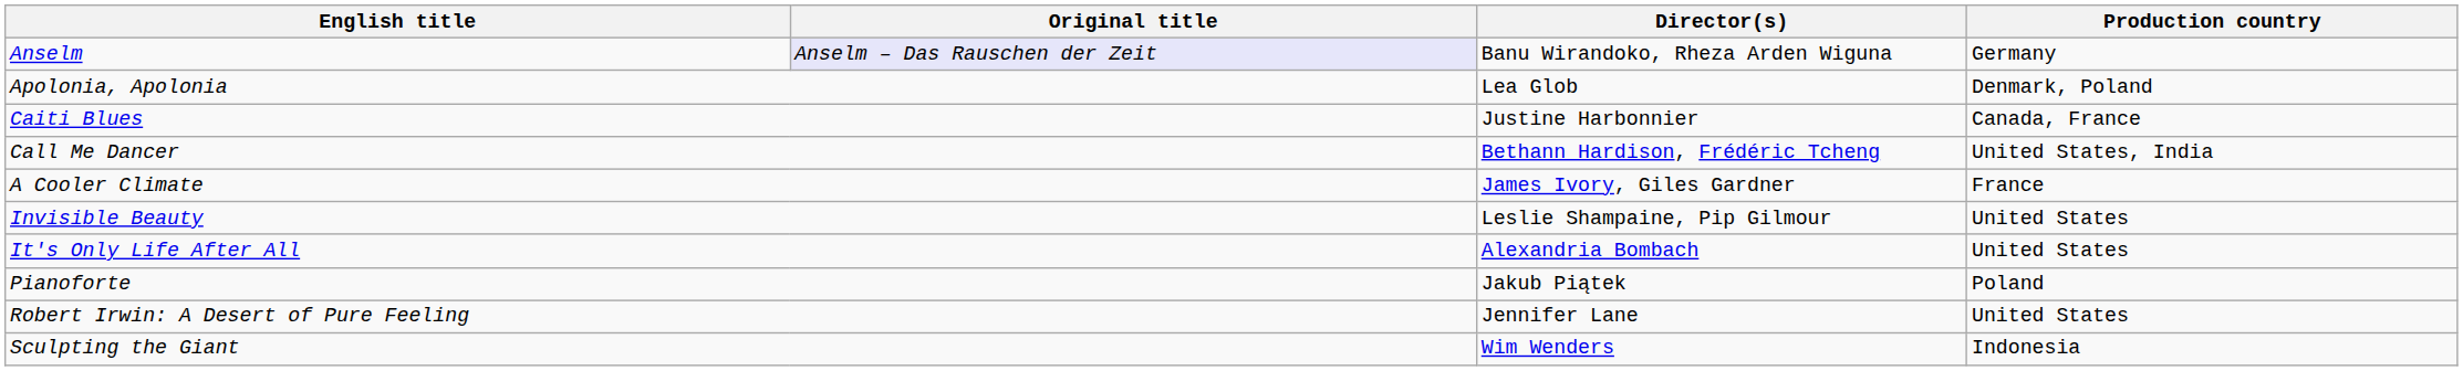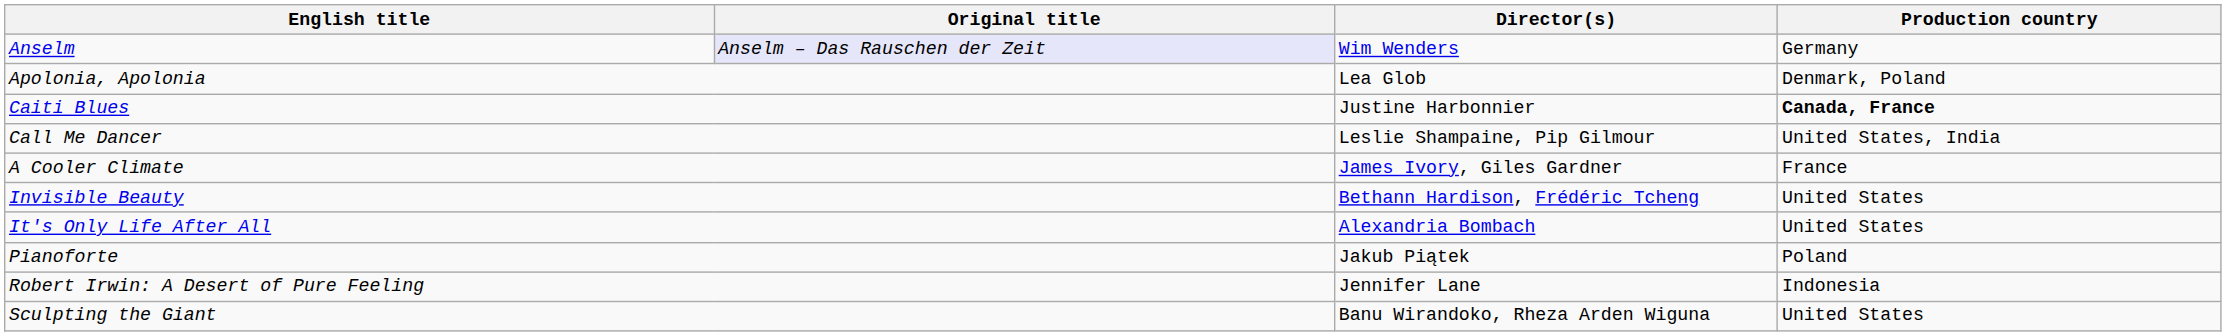 <table class="sortable wikitable" width="100%" cellpadding="5">
 <tr>
 <th scope="col" width="32%">English title</th>
 <th scope="col" width="28%">Original title</th>
 <th scope="col" width="20%">Director(s)</th>
 <th scope="col" width="20%">Production country</th>
 </tr>
 <tr>
 <td><em><a href='#'>Anselm</a></em></td>
 <td style="background: lavender;"><em>Anselm – Das Rauschen der Zeit</em></td>
-<td>Banu Wirandoko, Rheza Arden Wiguna</td>
+<td><a href='#'>Wim Wenders</a></td>
 <td>Germany</td>
 </tr>
 <tr>
 <td colspan=2><em>Apolonia, Apolonia</em></td>
 <td>Lea Glob</td>
 <td>Denmark, Poland</td>
 </tr>
 <tr>
 <td colspan=2><em><a href='#'>Caiti Blues</a></em></td>
 <td>Justine Harbonnier</td>
-<td>Canada, France</td>
+<td><strong>Canada, France</strong></td>
 </tr>
 <tr>
 <td colspan=2><em>Call Me Dancer</em></td>
-<td><a href='#'>Bethann Hardison</a>, <a href='#'>Frédéric Tcheng</a></td>
+<td>Leslie Shampaine, Pip Gilmour</td>
 <td>United States, India</td>
 </tr>
 <tr>
 <td colspan=2><em>A Cooler Climate</em></td>
 <td><a href='#'>James Ivory</a>, Giles Gardner</td>
 <td>France</td>
 </tr>
 <tr>
 <td colspan=2><em><a href='#'>Invisible Beauty</a></em></td>
-<td>Leslie Shampaine, Pip Gilmour</td>
+<td><a href='#'>Bethann Hardison</a>, <a href='#'>Frédéric Tcheng</a></td>
 <td>United States</td>
 </tr>
 <tr>
 <td colspan=2><em><a href='#'>It's Only Life After All</a></em></td>
 <td><a href='#'>Alexandria Bombach</a></td>
 <td>United States</td>
 </tr>
 <tr>
 <td colspan=2><em>Pianoforte</em></td>
 <td>Jakub Piątek</td>
 <td>Poland</td>
 </tr>
 <tr>
 <td colspan=2><em>Robert Irwin: A Desert of Pure Feeling</em></td>
 <td>Jennifer Lane</td>
-<td>United States</td>
+<td>Indonesia</td>
 </tr>
 <tr>
 <td colspan=2><em>Sculpting the Giant</em></td>
-<td><a href='#'>Wim Wenders</a></td>
-<td>Indonesia</td>
+<td>Banu Wirandoko, Rheza Arden Wiguna</td>
+<td>United States</td>
 </tr>
 </table>
